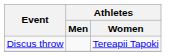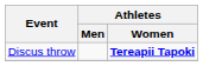 <table class=wikitable style="font-size:90%">
 <tr>
 <th rowspan=2>Event</th>
 <th colspan=2>Athletes</th>
 </tr>
 <tr>
 <th>Men</th>
 <th>Women</th>
 </tr>
 <tr>
 <td><a href='#'>Discus throw</a></td>
 <td></td>
-<td><a href='#'>Tereapii Tapoki</a></td>
+<td><strong><a href='#'>Tereapii Tapoki</a></strong></td>
 </tr>
 <tr>
 </tr>
 </table>
